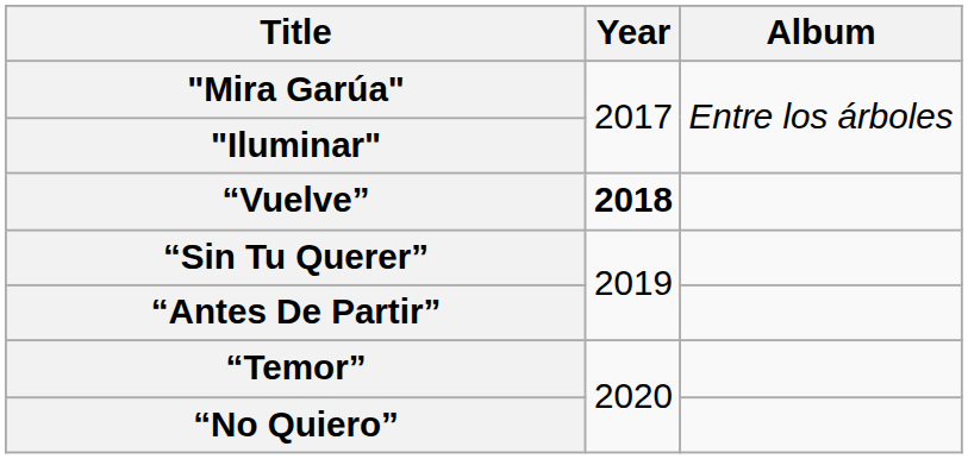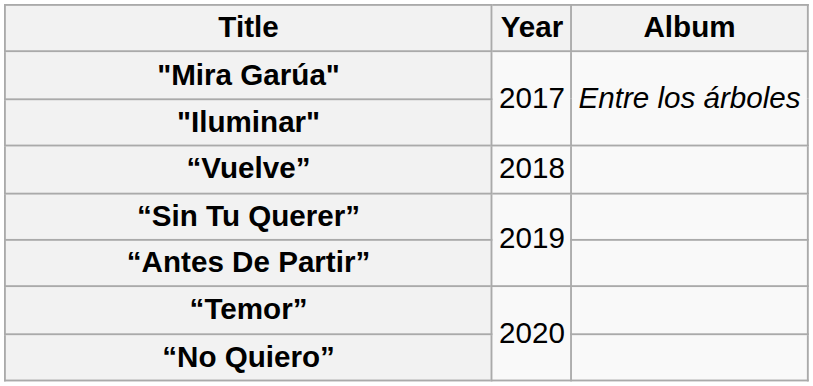 <table class="wikitable plainrowheaders" style="text-align:center;">
 <tr>
 <th scope="col" style="width:16em;">Title</th>
 <th scope="col">Year</th>
 <th scope="col">Album</th>
 </tr>
 <tr>
 <th scope="row">"Mira Garúa"</th>
 <td rowspan="2">2017</td>
 <td rowspan="2"><em>Entre los árboles</em></td>
 </tr>
 <tr>
 <th scope="row">"Iluminar"</th>
 </tr>
 <tr>
 <th>“Vuelve”</th>
-<td><strong>2018</strong></td>
+<td>2018</td>
 <td></td>
 </tr>
 <tr>
 <th>“Sin Tu Querer”</th>
 <td rowspan="2">2019</td>
 <td></td>
 </tr>
 <tr>
 <th>“Antes De Partir”</th>
 <td></td>
 </tr>
 <tr>
 <th>“Temor”</th>
 <td rowspan="2">2020</td>
 <td></td>
 </tr>
 <tr>
 <th>“No Quiero”</th>
 <td></td>
 </tr>
 </table>
